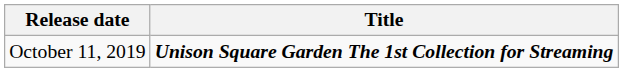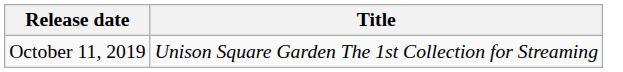 <table class="wikitable plainrowheaders">
 <tr>
 <th scope="col">Release date</th>
 <th scope="col">Title</th>
 </tr>
 <tr>
 <td>October 11, 2019</td>
-<td><strong><em>Unison Square Garden The 1st Collection for Streaming</em></strong></td>
+<td><em>Unison Square Garden The 1st Collection for Streaming</em></td>
 </tr>
 </table>
